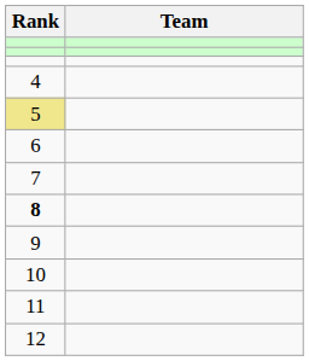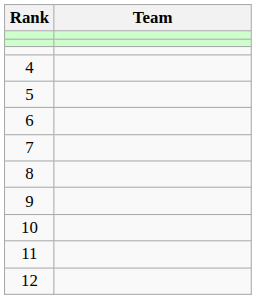 <table class="wikitable" style="text-align: center;">
 <tr>
 <th width=40>Rank</th>
 <th width=180>Team</th>
 </tr>
 <tr bgcolor=#ccffcc>
 <td></td>
 <td style="text-align:left;"></td>
 </tr>
 <tr bgcolor=#ccffcc>
 <td></td>
 <td style="text-align:left;"></td>
 </tr>
 <tr>
 <td></td>
 <td style="text-align:left;"></td>
 </tr>
 <tr>
 <td>4</td>
 <td style="text-align:left;"></td>
 </tr>
 <tr>
-<td style="background: khaki;">5</td>
+<td>5</td>
 <td style="text-align:left;"></td>
 </tr>
 <tr>
 <td>6</td>
 <td style="text-align:left;"></td>
 </tr>
 <tr>
 <td>7</td>
 <td style="text-align:left;"></td>
 </tr>
 <tr>
-<td><strong>8</strong></td>
+<td>8</td>
 <td style="text-align:left;"></td>
 </tr>
 <tr>
 <td>9</td>
 <td style="text-align:left;"></td>
 </tr>
 <tr>
 <td>10</td>
 <td style="text-align:left;"></td>
 </tr>
 <tr>
 <td>11</td>
 <td style="text-align:left;"></td>
 </tr>
 <tr>
 <td>12</td>
 <td style="text-align:left;"></td>
 </tr>
 </table>
